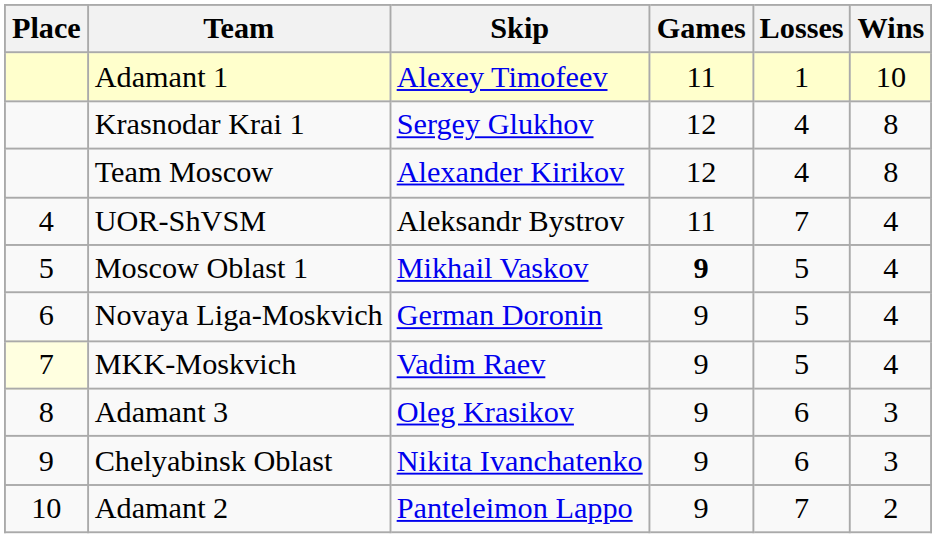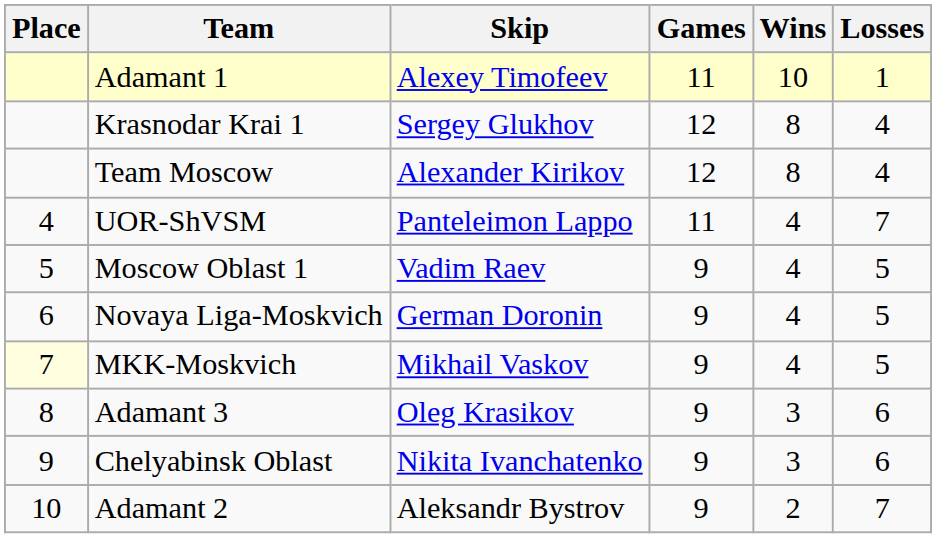 <table class="wikitable" style="text-align:center;">
 <tr>
 <th>Place</th>
 <th>Team</th>
 <th>Skip</th>
 <th>Games</th>
+<th>Wins</th>
 <th>Losses</th>
-<th>Wins</th>
 </tr>
 <tr bgcolor=#ffc>
 <td></td>
 <td align=left>Adamant 1</td>
 <td align=left><a href='#'>Alexey Timofeev</a></td>
 <td>11</td>
+<td>10</td>
 <td>1</td>
-<td>10</td>
 </tr>
 <tr>
 <td></td>
 <td align=left>Krasnodar Krai 1</td>
 <td align=left><a href='#'>Sergey Glukhov</a></td>
 <td>12</td>
+<td>8</td>
 <td>4</td>
-<td>8</td>
 </tr>
 <tr>
 <td></td>
 <td align=left>Team Moscow</td>
 <td align=left><a href='#'>Alexander Kirikov</a></td>
 <td>12</td>
+<td>8</td>
 <td>4</td>
-<td>8</td>
 </tr>
 <tr>
 <td>4</td>
 <td align=left>UOR-ShVSM</td>
-<td align=left>Aleksandr Bystrov</td>
+<td align=left><a href='#'>Panteleimon Lappo</a></td>
 <td>11</td>
+<td>4</td>
 <td>7</td>
-<td>4</td>
 </tr>
 <tr>
 <td>5</td>
 <td align=left>Moscow Oblast 1</td>
-<td align=left><a href='#'>Mikhail Vaskov</a></td>
-<td><strong>9</strong></td>
+<td align=left><a href='#'>Vadim Raev</a></td>
+<td>9</td>
+<td>4</td>
 <td>5</td>
-<td>4</td>
 </tr>
 <tr>
 <td>6</td>
 <td align=left>Novaya Liga-Moskvich</td>
 <td align=left><a href='#'>German Doronin</a></td>
 <td>9</td>
+<td>4</td>
 <td>5</td>
-<td>4</td>
 </tr>
 <tr>
 <td style="background: lightyellow;">7</td>
 <td align=left>MKK-Moskvich</td>
-<td align=left><a href='#'>Vadim Raev</a></td>
+<td align=left><a href='#'>Mikhail Vaskov</a></td>
 <td>9</td>
+<td>4</td>
 <td>5</td>
-<td>4</td>
 </tr>
 <tr>
 <td>8</td>
 <td align=left>Adamant 3</td>
 <td align=left><a href='#'>Oleg Krasikov</a></td>
 <td>9</td>
+<td>3</td>
 <td>6</td>
-<td>3</td>
 </tr>
 <tr>
 <td>9</td>
 <td align=left>Chelyabinsk Oblast</td>
 <td align=left><a href='#'>Nikita Ivanchatenko</a></td>
 <td>9</td>
+<td>3</td>
 <td>6</td>
-<td>3</td>
 </tr>
 <tr>
 <td>10</td>
 <td align=left>Adamant 2</td>
-<td align=left><a href='#'>Panteleimon Lappo</a></td>
+<td align=left>Aleksandr Bystrov</td>
 <td>9</td>
+<td>2</td>
 <td>7</td>
-<td>2</td>
 </tr>
 </table>
